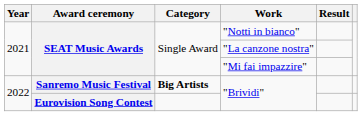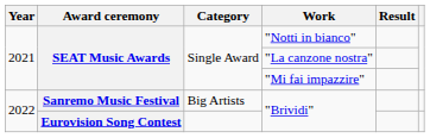 <table class="wikitable plainrowheaders">
 <tr>
 <th scope="col">Year</th>
 <th scope="col">Award ceremony</th>
 <th scope="col">Category</th>
 <th scope="col">Work</th>
 <th scope="col">Result</th>
 <th scope="col"></th>
 </tr>
 <tr>
 <td rowspan="3">2021</td>
 <th scope="row" rowspan="3"><a href='#'>SEAT Music Awards</a></th>
 <td rowspan="3">Single Award</td>
 <td>"<a href='#'>Notti in bianco</a>"</td>
 <td></td>
 <td align="center" rowspan="3"></td>
 </tr>
 <tr>
 <td>"<a href='#'>La canzone nostra</a>"</td>
 <td></td>
 </tr>
 <tr>
 <td>"<a href='#'>Mi fai impazzire</a>"</td>
 <td></td>
 </tr>
 <tr>
 <td rowspan="2">2022</td>
 <th scope="row"><a href='#'>Sanremo Music Festival</a></th>
-<td><strong>Big Artists</strong></td>
+<td>Big Artists</td>
 <td rowspan="2">"<a href='#'>Brividi</a>"</td>
 <td></td>
 <td align="center"></td>
 </tr>
 <tr>
 <th scope="row"><a href='#'>Eurovision Song Contest</a></th>
 <td></td>
 <td></td>
 <td align="center"></td>
 </tr>
 </table>
